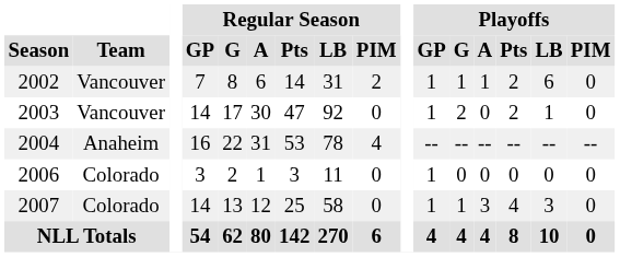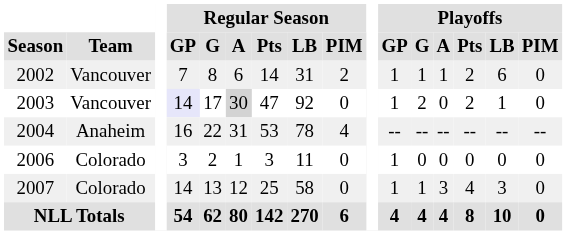 <table BORDER="0" CELLPADDING="3" CELLSPACING="0">
 <tr ALIGN="center" bgcolor="#e0e0e0">
 <th colspan="2" bgcolor="#ffffff"> </th>
 <th rowspan="99" bgcolor="#ffffff"> </th>
 <th colspan="6">Regular Season</th>
 <th rowspan="99" bgcolor="#ffffff"> </th>
 <th colspan="6">Playoffs</th>
 </tr>
 <tr ALIGN="center" bgcolor="#e0e0e0">
 <th>Season</th>
 <th>Team</th>
 <th>GP</th>
 <th>G</th>
 <th>A</th>
 <th>Pts</th>
 <th>LB</th>
 <th>PIM</th>
 <th>GP</th>
 <th>G</th>
 <th>A</th>
 <th>Pts</th>
 <th>LB</th>
 <th>PIM</th>
 </tr>
 <tr ALIGN="center" bgcolor="#f0f0f0">
 <td>2002</td>
 <td>Vancouver</td>
 <td>7</td>
 <td>8</td>
 <td>6</td>
 <td>14</td>
 <td>31</td>
 <td>2</td>
 <td>1</td>
 <td>1</td>
 <td>1</td>
 <td>2</td>
 <td>6</td>
 <td>0</td>
 </tr>
 <tr ALIGN="center">
 <td>2003</td>
 <td>Vancouver</td>
-<td>14</td>
+<td style="background: lavender;">14</td>
 <td>17</td>
-<td>30</td>
+<td style="background: lightgrey;">30</td>
 <td>47</td>
 <td>92</td>
 <td>0</td>
 <td>1</td>
 <td>2</td>
 <td>0</td>
 <td>2</td>
 <td>1</td>
 <td>0</td>
 </tr>
 <tr ALIGN="center" bgcolor="#f0f0f0">
 <td>2004</td>
 <td>Anaheim</td>
 <td>16</td>
 <td>22</td>
 <td>31</td>
 <td>53</td>
 <td>78</td>
 <td>4</td>
 <td>--</td>
 <td>--</td>
 <td>--</td>
 <td>--</td>
 <td>--</td>
 <td>--</td>
 </tr>
 <tr ALIGN="center">
 <td>2006</td>
 <td>Colorado</td>
 <td>3</td>
 <td>2</td>
 <td>1</td>
 <td>3</td>
 <td>11</td>
 <td>0</td>
 <td>1</td>
 <td>0</td>
 <td>0</td>
 <td>0</td>
 <td>0</td>
 <td>0</td>
 </tr>
 <tr ALIGN="center" bgcolor="#f0f0f0">
 <td>2007</td>
 <td>Colorado</td>
 <td>14</td>
 <td>13</td>
 <td>12</td>
 <td>25</td>
 <td>58</td>
 <td>0</td>
 <td>1</td>
 <td>1</td>
 <td>3</td>
 <td>4</td>
 <td>3</td>
 <td>0</td>
 </tr>
 <tr ALIGN="center" bgcolor="#e0e0e0">
 <th colspan="2">NLL Totals</th>
 <th>54</th>
 <th>62</th>
 <th>80</th>
 <th>142</th>
 <th>270</th>
 <th>6</th>
 <th>4</th>
 <th>4</th>
 <th>4</th>
 <th>8</th>
 <th>10</th>
 <th>0</th>
 </tr>
 </table>
